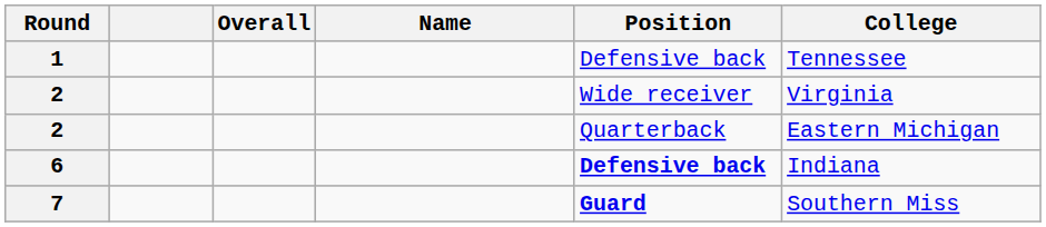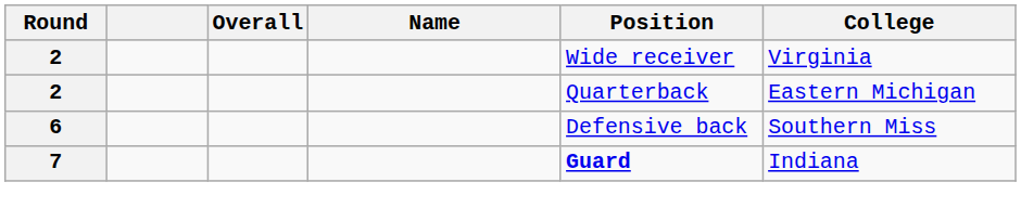 <table class="wikitable sortable">
 <tr>
 <th scope="col" style="width: 10%;">Round</th>
 <th scope="col" style="width: 10%;"></th>
 <th scope="col" style="width: 10%;">Overall</th>
 <th scope="col" style="width: 25%;">Name</th>
 <th scope="col" style="width: 20%;">Position</th>
 <th scope="col" style="width: 25%;">College</th>
-</tr>
-<tr>
-<th scope="row">1</th>
-<td></td>
-<td></td>
-<td></td>
-<td><a href='#'>Defensive back</a></td>
-<td><a href='#'>Tennessee</a></td>
 </tr>
 <tr>
 <th scope="row">2</th>
 <td></td>
 <td></td>
 <td></td>
 <td><a href='#'>Wide receiver</a></td>
 <td><a href='#'>Virginia</a></td>
 </tr>
 <tr>
 <th scope="row">2</th>
 <td></td>
 <td></td>
 <td></td>
 <td><a href='#'>Quarterback</a></td>
 <td><a href='#'>Eastern Michigan</a></td>
 </tr>
 <tr>
 <th scope="row">6</th>
 <td></td>
 <td></td>
 <td></td>
-<td><strong><a href='#'>Defensive back</a></strong></td>
-<td><a href='#'>Indiana</a></td>
+<td><a href='#'>Defensive back</a></td>
+<td><a href='#'>Southern Miss</a></td>
 </tr>
 <tr>
 <th scope="row">7</th>
 <td></td>
 <td></td>
 <td></td>
 <td><strong><a href='#'>Guard</a></strong></td>
-<td><a href='#'>Southern Miss</a></td>
+<td><a href='#'>Indiana</a></td>
 </tr>
 </table>
